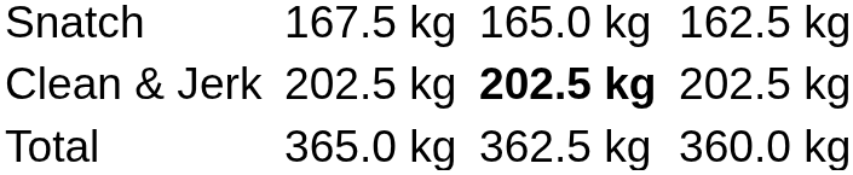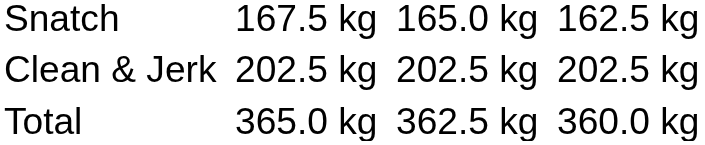 <table>
 <tr>
 <td>Snatch</td>
 <td></td>
 <td>167.5 kg</td>
 <td></td>
 <td>165.0 kg</td>
 <td></td>
 <td>162.5 kg</td>
 </tr>
 <tr>
 <td>Clean & Jerk</td>
 <td></td>
 <td>202.5 kg</td>
 <td></td>
-<td><strong>202.5 kg</strong></td>
+<td>202.5 kg</td>
 <td></td>
 <td>202.5 kg</td>
 </tr>
 <tr>
 <td>Total</td>
 <td></td>
 <td>365.0 kg</td>
 <td></td>
 <td>362.5 kg</td>
 <td></td>
 <td>360.0 kg</td>
 </tr>
 </table>
